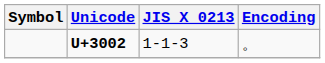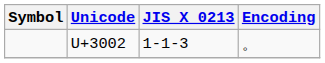 <table class="wikitable">
 <tr>
 <th>Symbol</th>
 <th><a href='#'>Unicode</a></th>
 <th><a href='#'>JIS X 0213</a></th>
 <th><a href='#'>Encoding</a></th>
 </tr>
 <tr>
 <td></td>
-<td><strong>U+3002</strong></td>
+<td>U+3002</td>
 <td>1-1-3</td>
 <td>&#12290;</td>
 </tr>
 <tr>
 </tr>
 </table>
